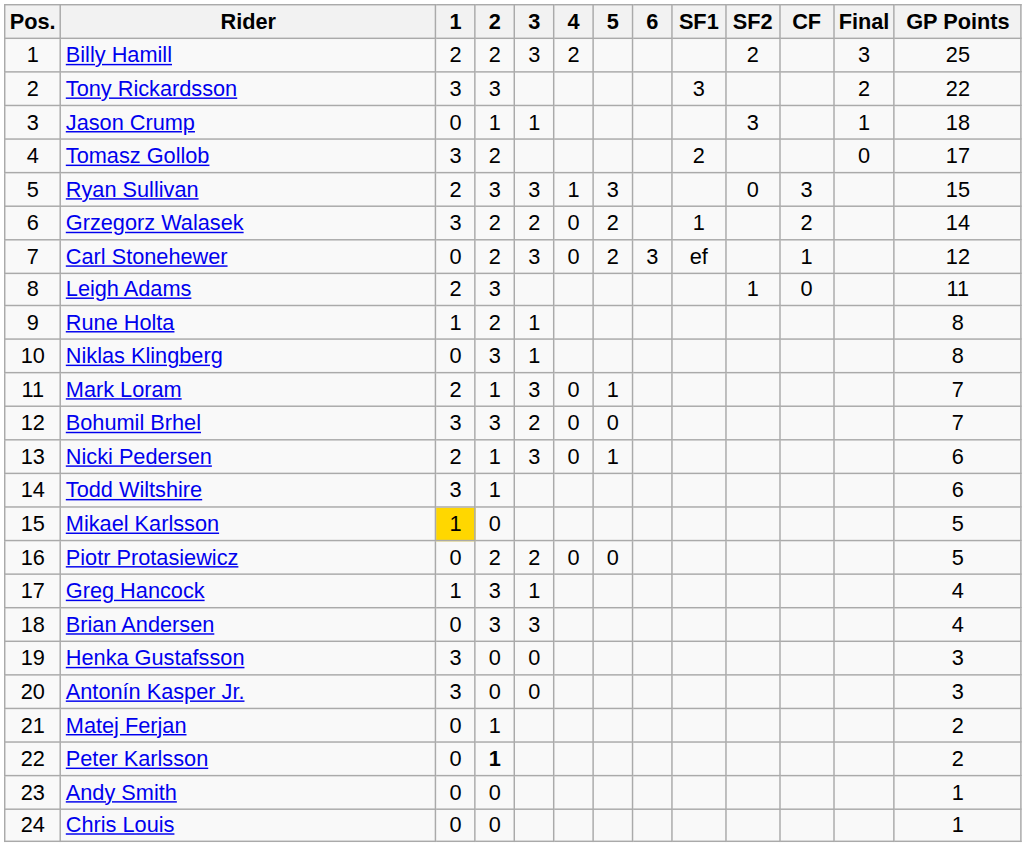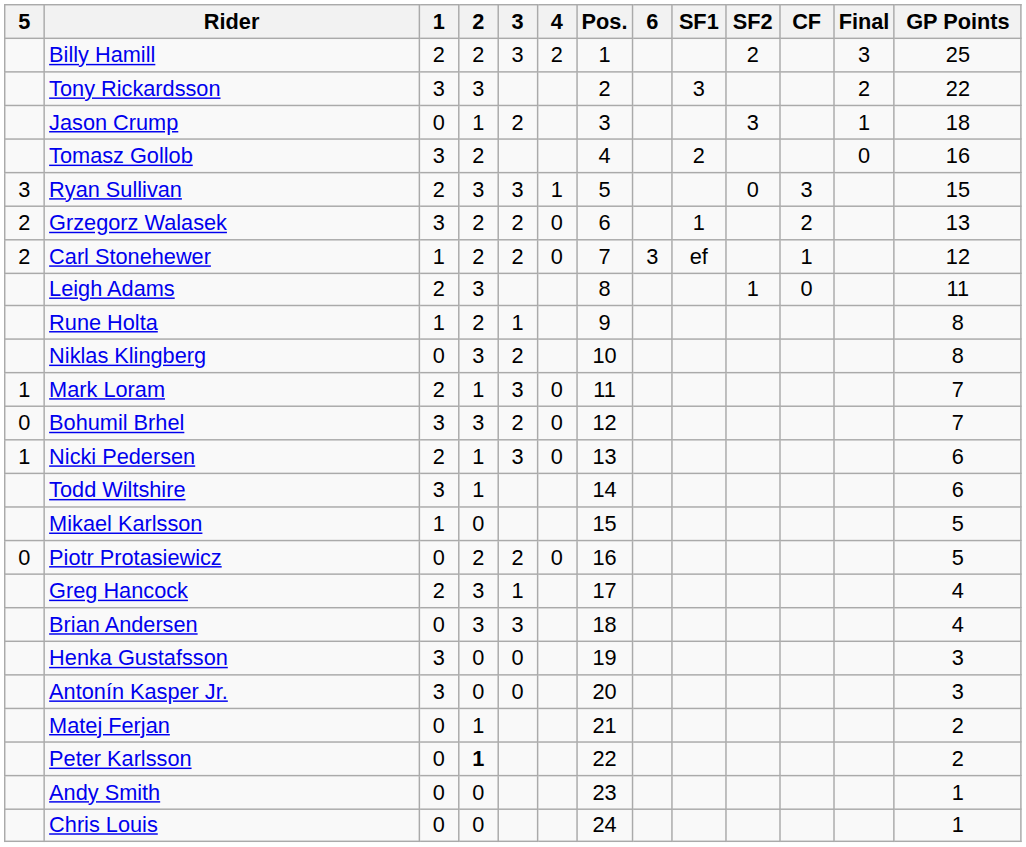 <table class=wikitable style="font-size:93%;">
 <tr>
-<th width=25px>Pos.</th>
+<th width=20px>5</th>
 <th width=250px>Rider</th>
 <th width=20px>1</th>
 <th width=20px>2</th>
 <th width=20px>3</th>
 <th width=20px>4</th>
-<th width=20px>5</th>
+<th width=25px>Pos.</th>
 <th width=20px>6</th>
 <th width=30px>SF1</th>
 <th width=30px>SF2</th>
 <th width=30px>CF</th>
 <th width=30px>Final</th>
 <th width=80px>GP Points</th>
 </tr>
 <tr align=center style="background-color:">
-<td>1</td>
+<td></td>
 <td align=left> <a href='#'>Billy Hamill</a></td>
 <td>2</td>
 <td>2</td>
 <td>3</td>
 <td>2</td>
-<td></td>
+<td>1</td>
 <td></td>
 <td></td>
 <td>2</td>
 <td></td>
 <td>3</td>
 <td>25</td>
 </tr>
 <tr align=center style="background-color:">
-<td>2</td>
+<td></td>
 <td align=left> <a href='#'>Tony Rickardsson</a></td>
 <td>3</td>
 <td>3</td>
 <td></td>
 <td></td>
-<td></td>
+<td>2</td>
 <td></td>
 <td>3</td>
 <td></td>
 <td></td>
 <td>2</td>
 <td>22</td>
 </tr>
 <tr align=center style="background-color:">
-<td>3</td>
+<td></td>
 <td align=left> <a href='#'>Jason Crump</a></td>
 <td>0</td>
 <td>1</td>
-<td>1</td>
+<td>2</td>
 <td></td>
-<td></td>
+<td>3</td>
 <td></td>
 <td></td>
 <td>3</td>
 <td></td>
 <td>1</td>
 <td>18</td>
 </tr>
 <tr align=center>
-<td>4</td>
+<td></td>
 <td align=left> <a href='#'>Tomasz Gollob</a></td>
 <td>3</td>
 <td>2</td>
 <td></td>
 <td></td>
-<td></td>
+<td>4</td>
 <td></td>
 <td>2</td>
 <td></td>
 <td></td>
 <td>0</td>
-<td>17</td>
+<td>16</td>
 </tr>
 <tr align=center>
-<td>5</td>
+<td>3</td>
 <td align=left> <a href='#'>Ryan Sullivan</a></td>
 <td>2</td>
 <td>3</td>
 <td>3</td>
 <td>1</td>
-<td>3</td>
+<td>5</td>
 <td></td>
 <td></td>
 <td>0</td>
 <td>3</td>
 <td></td>
 <td>15</td>
 </tr>
 <tr align=center>
-<td>6</td>
+<td>2</td>
 <td align=left> <a href='#'>Grzegorz Walasek</a></td>
 <td>3</td>
 <td>2</td>
 <td>2</td>
 <td>0</td>
-<td>2</td>
+<td>6</td>
 <td></td>
 <td>1</td>
 <td></td>
 <td>2</td>
 <td></td>
-<td>14</td>
+<td>13</td>
 </tr>
 <tr align=center>
+<td>2</td>
+<td align=left> <a href='#'>Carl Stonehewer</a></td>
+<td>1</td>
+<td>2</td>
+<td>2</td>
+<td>0</td>
 <td>7</td>
-<td align=left> <a href='#'>Carl Stonehewer</a></td>
-<td>0</td>
-<td>2</td>
-<td>3</td>
-<td>0</td>
-<td>2</td>
 <td>3</td>
 <td>ef</td>
 <td></td>
 <td>1</td>
 <td></td>
 <td>12</td>
 </tr>
 <tr align=center>
-<td>8</td>
+<td></td>
 <td align=left> <a href='#'>Leigh Adams</a></td>
 <td>2</td>
 <td>3</td>
 <td></td>
 <td></td>
-<td></td>
+<td>8</td>
 <td></td>
 <td></td>
 <td>1</td>
 <td>0</td>
 <td></td>
 <td>11</td>
 </tr>
 <tr align=center>
-<td>9</td>
+<td></td>
 <td align=left> <a href='#'>Rune Holta</a></td>
 <td>1</td>
 <td>2</td>
 <td>1</td>
 <td></td>
-<td></td>
+<td>9</td>
 <td></td>
 <td></td>
 <td></td>
 <td></td>
 <td></td>
 <td>8</td>
 </tr>
 <tr align=center>
-<td>10</td>
+<td></td>
 <td align=left> <a href='#'>Niklas Klingberg</a></td>
 <td>0</td>
 <td>3</td>
-<td>1</td>
+<td>2</td>
 <td></td>
-<td></td>
+<td>10</td>
 <td></td>
 <td></td>
 <td></td>
 <td></td>
 <td></td>
 <td>8</td>
 </tr>
 <tr align=center>
-<td>11</td>
+<td>1</td>
 <td align=left> <a href='#'>Mark Loram</a></td>
 <td>2</td>
 <td>1</td>
 <td>3</td>
 <td>0</td>
-<td>1</td>
+<td>11</td>
 <td></td>
 <td></td>
 <td></td>
 <td></td>
 <td></td>
 <td>7</td>
 </tr>
 <tr align=center>
-<td>12</td>
+<td>0</td>
 <td align=left> <a href='#'>Bohumil Brhel</a></td>
 <td>3</td>
 <td>3</td>
 <td>2</td>
 <td>0</td>
-<td>0</td>
+<td>12</td>
 <td></td>
 <td></td>
 <td></td>
 <td></td>
 <td></td>
 <td>7</td>
 </tr>
 <tr align=center>
-<td>13</td>
+<td>1</td>
 <td align=left> <a href='#'>Nicki Pedersen</a></td>
 <td>2</td>
 <td>1</td>
 <td>3</td>
 <td>0</td>
-<td>1</td>
+<td>13</td>
 <td></td>
 <td></td>
 <td></td>
 <td></td>
 <td></td>
 <td>6</td>
 </tr>
 <tr align=center>
-<td>14</td>
+<td></td>
 <td align=left> <a href='#'>Todd Wiltshire</a></td>
 <td>3</td>
 <td>1</td>
 <td></td>
 <td></td>
-<td></td>
+<td>14</td>
 <td></td>
 <td></td>
 <td></td>
 <td></td>
 <td></td>
 <td>6</td>
 </tr>
 <tr align=center>
-<td>15</td>
+<td></td>
 <td align=left> <a href='#'>Mikael Karlsson</a></td>
-<td style="background: gold;">1</td>
+<td>1</td>
 <td>0</td>
 <td></td>
 <td></td>
-<td></td>
+<td>15</td>
 <td></td>
 <td></td>
 <td></td>
 <td></td>
 <td></td>
 <td>5</td>
 </tr>
 <tr align=center>
-<td>16</td>
+<td>0</td>
 <td align=left> <a href='#'>Piotr Protasiewicz</a></td>
 <td>0</td>
 <td>2</td>
 <td>2</td>
 <td>0</td>
-<td>0</td>
+<td>16</td>
 <td></td>
 <td></td>
 <td></td>
 <td></td>
 <td></td>
 <td>5</td>
 </tr>
 <tr align=center>
-<td>17</td>
+<td></td>
 <td align=left> <a href='#'>Greg Hancock</a></td>
-<td>1</td>
+<td>2</td>
 <td>3</td>
 <td>1</td>
 <td></td>
-<td></td>
+<td>17</td>
 <td></td>
 <td></td>
 <td></td>
 <td></td>
 <td></td>
 <td>4</td>
 </tr>
 <tr align=center>
-<td>18</td>
+<td></td>
 <td align=left> <a href='#'>Brian Andersen</a></td>
 <td>0</td>
 <td>3</td>
 <td>3</td>
 <td></td>
-<td></td>
+<td>18</td>
 <td></td>
 <td></td>
 <td></td>
 <td></td>
 <td></td>
 <td>4</td>
 </tr>
 <tr align=center>
-<td>19</td>
+<td></td>
 <td align=left> <a href='#'>Henka Gustafsson</a></td>
 <td>3</td>
 <td>0</td>
 <td>0</td>
 <td></td>
-<td></td>
+<td>19</td>
 <td></td>
 <td></td>
 <td></td>
 <td></td>
 <td></td>
 <td>3</td>
 </tr>
 <tr align=center>
-<td>20</td>
+<td></td>
 <td align=left> <a href='#'>Antonín Kasper Jr.</a></td>
 <td>3</td>
 <td>0</td>
 <td>0</td>
 <td></td>
-<td></td>
+<td>20</td>
 <td></td>
 <td></td>
 <td></td>
 <td></td>
 <td></td>
 <td>3</td>
 </tr>
 <tr align=center>
-<td>21</td>
+<td></td>
 <td align=left> <a href='#'>Matej Ferjan</a></td>
 <td>0</td>
 <td>1</td>
 <td></td>
 <td></td>
-<td></td>
+<td>21</td>
 <td></td>
 <td></td>
 <td></td>
 <td></td>
 <td></td>
 <td>2</td>
 </tr>
 <tr align=center>
-<td>22</td>
+<td></td>
 <td align=left> <a href='#'>Peter Karlsson</a></td>
 <td>0</td>
 <td><strong>1</strong></td>
 <td></td>
 <td></td>
-<td></td>
+<td>22</td>
 <td></td>
 <td></td>
 <td></td>
 <td></td>
 <td></td>
 <td>2</td>
 </tr>
 <tr align=center>
-<td>23</td>
+<td></td>
 <td align=left> <a href='#'>Andy Smith</a></td>
 <td>0</td>
 <td>0</td>
 <td></td>
 <td></td>
-<td></td>
+<td>23</td>
 <td></td>
 <td></td>
 <td></td>
 <td></td>
 <td></td>
 <td>1</td>
 </tr>
 <tr align=center>
-<td>24</td>
+<td></td>
 <td align=left> <a href='#'>Chris Louis</a></td>
 <td>0</td>
 <td>0</td>
 <td></td>
 <td></td>
-<td></td>
+<td>24</td>
 <td></td>
 <td></td>
 <td></td>
 <td></td>
 <td></td>
 <td>1</td>
 </tr>
 </table>
